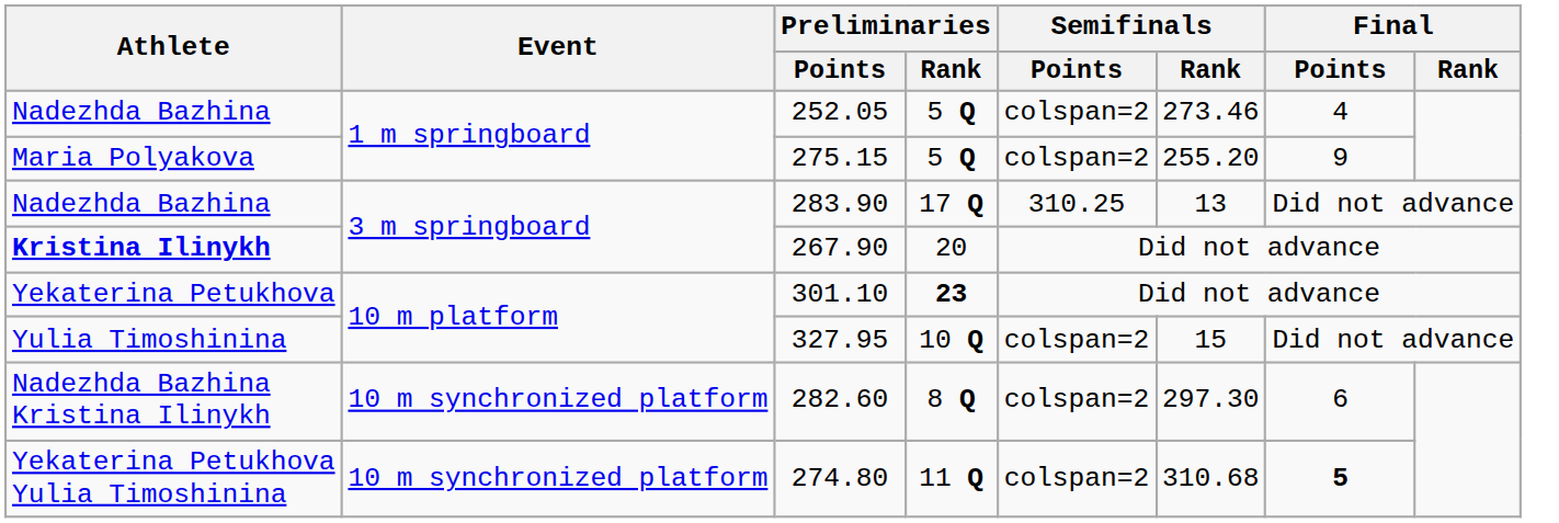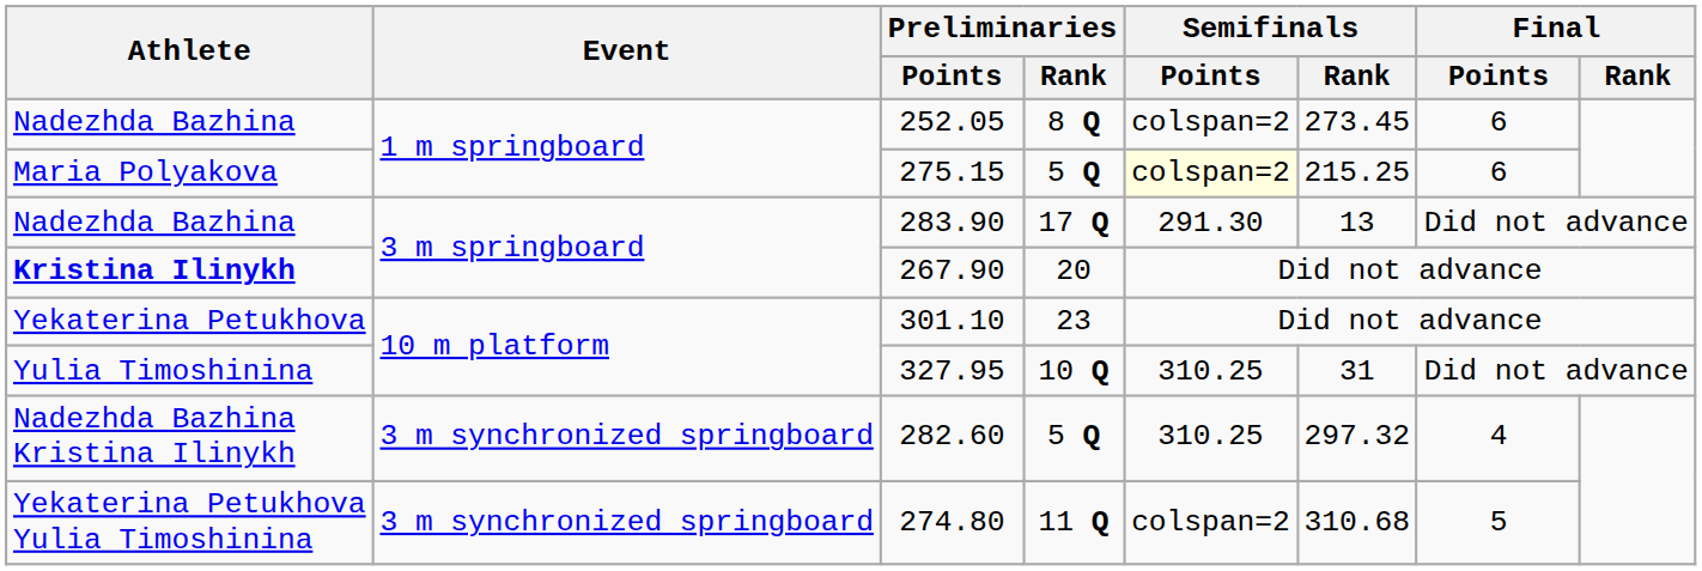 <table class=wikitable style="font-size:90%;">
 <tr>
 <th rowspan="2">Athlete</th>
 <th rowspan="2">Event</th>
 <th colspan="2">Preliminaries</th>
 <th colspan="2">Semifinals</th>
 <th colspan="2">Final</th>
 </tr>
 <tr style="font-size:95%">
 <th>Points</th>
 <th>Rank</th>
 <th>Points</th>
 <th>Rank</th>
 <th>Points</th>
 <th>Rank</th>
 </tr>
 <tr align=center>
 <td align=left><a href='#'>Nadezhda Bazhina</a></td>
 <td align=left rowspan=2><a href='#'>1 m springboard</a></td>
 <td>252.05</td>
-<td>5 <strong>Q</strong></td>
+<td>8 <strong>Q</strong></td>
 <td>colspan=2 </td>
-<td>273.46</td>
-<td>4</td>
+<td>273.45</td>
+<td>6</td>
 </tr>
 <tr align=center>
 <td align=left><a href='#'>Maria Polyakova</a></td>
 <td>275.15</td>
 <td>5 <strong>Q</strong></td>
-<td>colspan=2 </td>
-<td>255.20</td>
-<td>9</td>
+<td style="background: lightyellow;">colspan=2 </td>
+<td>215.25</td>
+<td>6</td>
 </tr>
 <tr align=center>
 <td align=left><a href='#'>Nadezhda Bazhina</a></td>
 <td align=left rowspan=2><a href='#'>3 m springboard</a></td>
 <td>283.90</td>
 <td>17 <strong>Q</strong></td>
-<td>310.25</td>
+<td>291.30</td>
 <td>13</td>
 <td colspan=2>Did not advance</td>
 </tr>
 <tr align=center>
 <td align=left><strong><a href='#'>Kristina Ilinykh</a></strong></td>
 <td>267.90</td>
 <td>20</td>
 <td colspan=4>Did not advance</td>
 </tr>
 <tr align=center>
 <td align=left><a href='#'>Yekaterina Petukhova</a></td>
 <td align=left rowspan=2><a href='#'>10 m platform</a></td>
 <td>301.10</td>
-<td><strong>23</strong></td>
+<td>23</td>
 <td colspan=4>Did not advance</td>
 </tr>
 <tr align=center>
 <td align=left><a href='#'>Yulia Timoshinina</a></td>
 <td>327.95</td>
 <td>10 <strong>Q</strong></td>
-<td>colspan=2 </td>
-<td>15</td>
+<td>310.25</td>
+<td>31</td>
 <td colspan=2>Did not advance</td>
 </tr>
 <tr align=center>
 <td align=left><a href='#'>Nadezhda Bazhina</a><br><a href='#'>Kristina Ilinykh</a></td>
-<td align=left><a href='#'>10 m synchronized platform</a></td>
+<td align=left><a href='#'>3 m synchronized springboard</a></td>
 <td>282.60</td>
-<td>8 <strong>Q</strong></td>
-<td>colspan=2 </td>
-<td>297.30</td>
-<td>6</td>
+<td>5 <strong>Q</strong></td>
+<td>310.25</td>
+<td>297.32</td>
+<td>4</td>
 </tr>
 <tr align=center>
 <td align=left><a href='#'>Yekaterina Petukhova</a><br><a href='#'>Yulia Timoshinina</a></td>
-<td align=left><a href='#'>10 m synchronized platform</a></td>
+<td align=left><a href='#'>3 m synchronized springboard</a></td>
 <td>274.80</td>
 <td>11 <strong>Q</strong></td>
 <td>colspan=2 </td>
 <td>310.68</td>
-<td><strong>5</strong></td>
+<td>5</td>
 </tr>
 </table>
